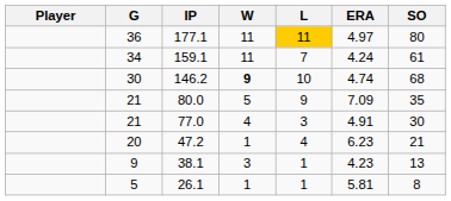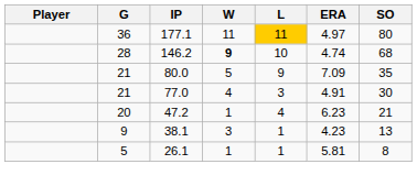 <table class="wikitable sortable">
 <tr>
 <th bgcolor="#DDDDFF" width="16%">Player</th>
 <th bgcolor="#DDDDFF" width="9%">G</th>
 <th bgcolor="#DDDDFF" width="9%">IP</th>
 <th bgcolor="#DDDDFF" width="9%">W</th>
 <th bgcolor="#DDDDFF" width="9%">L</th>
 <th bgcolor="#DDDDFF" width="9%">ERA</th>
 <th bgcolor="#DDDDFF" width="9%">SO</th>
 </tr>
 <tr align="center">
 <td></td>
 <td>36</td>
 <td>177.1</td>
 <td>11</td>
 <td style="background:#fc0;">11</td>
 <td>4.97</td>
 <td>80</td>
 </tr>
 <tr align="center">
 <td></td>
-<td>34</td>
-<td>159.1</td>
-<td>11</td>
-<td>7</td>
-<td>4.24</td>
-<td>61</td>
-</tr>
-<tr align="center">
-<td></td>
-<td>30</td>
+<td>28</td>
 <td>146.2</td>
 <td><strong>9</strong></td>
 <td>10</td>
 <td>4.74</td>
 <td>68</td>
 </tr>
 <tr align="center">
 <td></td>
 <td>21</td>
 <td>80.0</td>
 <td>5</td>
 <td>9</td>
 <td>7.09</td>
 <td>35</td>
 </tr>
 <tr align="center">
 <td></td>
 <td>21</td>
 <td>77.0</td>
 <td>4</td>
 <td>3</td>
 <td>4.91</td>
 <td>30</td>
 </tr>
 <tr align="center">
 <td></td>
 <td>20</td>
 <td>47.2</td>
 <td>1</td>
 <td>4</td>
 <td>6.23</td>
 <td>21</td>
 </tr>
 <tr align="center">
 <td></td>
 <td>9</td>
 <td>38.1</td>
 <td>3</td>
 <td>1</td>
 <td>4.23</td>
 <td>13</td>
 </tr>
 <tr align="center">
 <td></td>
 <td>5</td>
 <td>26.1</td>
 <td>1</td>
 <td>1</td>
 <td>5.81</td>
 <td>8</td>
 </tr>
 </table>
